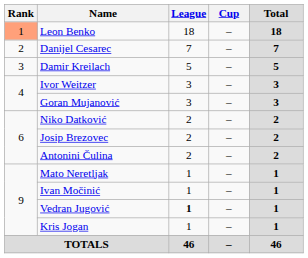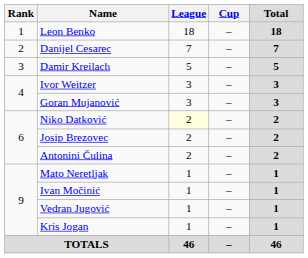 <table class="wikitable" style="text-align: center;">
 <tr>
 <th width=40>Rank</th>
 <th width=180>Name</th>
 <th width=50><a href='#'>League</a></th>
 <th width=50><a href='#'>Cup</a></th>
 <th width=70 style="background: #DCDCDC">Total</th>
 </tr>
 <tr>
-<td rowspan=1 style="background: lightsalmon;">1</td>
+<td rowspan=1>1</td>
 <td style="text-align:left;"> <a href='#'>Leon Benko</a></td>
 <td>18</td>
 <td>–</td>
 <th style="background: #DCDCDC">18</th>
 </tr>
 <tr>
 <td rowspan=1>2</td>
 <td style="text-align:left;"> <a href='#'>Danijel Cesarec</a></td>
 <td>7</td>
 <td>–</td>
 <th style="background: #DCDCDC">7</th>
 </tr>
 <tr>
 <td rowspan=1>3</td>
 <td style="text-align:left;"> <a href='#'>Damir Kreilach</a></td>
 <td>5</td>
 <td>–</td>
 <th style="background: #DCDCDC">5</th>
 </tr>
 <tr>
 <td rowspan=2>4</td>
 <td style="text-align:left;"> <a href='#'>Ivor Weitzer</a></td>
 <td>3</td>
 <td>–</td>
 <th style="background: #DCDCDC">3</th>
 </tr>
 <tr>
 <td style="text-align:left;"> <a href='#'>Goran Mujanović</a></td>
 <td>3</td>
 <td>–</td>
 <th style="background: #DCDCDC">3</th>
 </tr>
 <tr>
 <td rowspan=3>6</td>
 <td style="text-align:left;"> <a href='#'>Niko Datković</a></td>
-<td>2</td>
+<td style="background: lightyellow;">2</td>
 <td>–</td>
 <th style="background: #DCDCDC">2</th>
 </tr>
 <tr>
 <td style="text-align:left;"> <a href='#'>Josip Brezovec</a></td>
 <td>2</td>
 <td>–</td>
 <th style="background: #DCDCDC">2</th>
 </tr>
 <tr>
 <td style="text-align:left;"> <a href='#'>Antonini Čulina</a></td>
 <td>2</td>
 <td>–</td>
 <th style="background: #DCDCDC">2</th>
 </tr>
 <tr>
 <td rowspan=4>9</td>
 <td style="text-align:left;"> <a href='#'>Mato Neretljak</a></td>
 <td>1</td>
 <td>–</td>
 <th style="background: #DCDCDC">1</th>
 </tr>
 <tr>
 <td style="text-align:left;"> <a href='#'>Ivan Močinić</a></td>
 <td>1</td>
 <td>–</td>
 <th style="background: #DCDCDC">1</th>
 </tr>
 <tr>
 <td style="text-align:left;"> <a href='#'>Vedran Jugović</a></td>
-<td><strong>1</strong></td>
+<td>1</td>
 <td>–</td>
 <th style="background: #DCDCDC">1</th>
 </tr>
 <tr>
 <td style="text-align:left;"> <a href='#'>Kris Jogan</a></td>
 <td>1</td>
 <td>–</td>
 <th style="background: #DCDCDC">1</th>
 </tr>
 <tr>
 <th colspan="2" style="background: #DCDCDC">TOTALS</th>
 <th style="background: #DCDCDC">46</th>
 <th style="background: #DCDCDC">–</th>
 <th style="background: #DCDCDC">46</th>
 </tr>
 </table>
